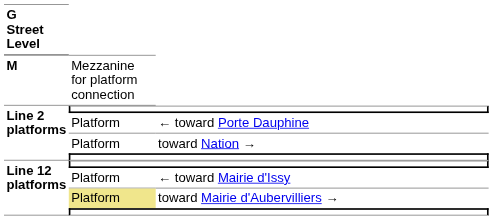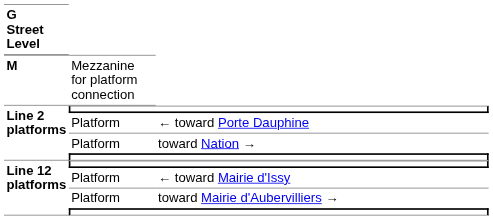 <table border=0 cellspacing=0 cellpadding=3>
 <tr>
 <td style="border-bottom:solid 1px gray;border-top:solid 1px gray;" width=50 valign=top><strong>G<br>Street Level</strong></td>
 </tr>
 <tr>
 <td style="border-bottom:solid 1px gray;border-top:solid 1px gray;" valign=top><strong>M</strong></td>
 <td style="border-top:solid 1px gray;border-bottom:solid 1px gray;" width=100 valign=top>Mezzanine for platform connection</td>
 </tr>
 <tr>
 <td style="border-bottom:solid 1px gray;" rowspan=4 valign=top><strong>Line 2 platforms</strong></td>
 <td style="border-top:solid 1px gray;border-right:solid 2px black;border-left:solid 2px black;border-bottom:solid 2px black;text-align:center;" colspan=2></td>
 </tr>
 <tr>
 <td style="border-bottom:solid 1px gray;" width=100>Platform </td>
 <td style="border-bottom:solid 1px gray;" width=400>←   toward <a href='#'>Porte Dauphine</a> </td>
 </tr>
 <tr>
 <td>Platform </td>
 <td>   toward <a href='#'>Nation</a>  →</td>
 </tr>
 <tr>
 <td style="border-top:solid 2px black;border-right:solid 2px black;border-left:solid 2px black;border-bottom:solid 1px gray;text-align:center;" colspan=2></td>
 </tr>
 <tr>
 <td style="border-bottom:solid 1px gray;" width=50 rowspan=4 valign=top><strong>Line 12 platforms</strong></td>
 <td style="border-top:solid 1px gray;border-right:solid 2px black;border-left:solid 2px black;border-bottom:solid 2px black;text-align:center;" colspan=2></td>
 </tr>
 <tr>
 <td style="border-bottom:solid 1px gray;" width=100>Platform </td>
 <td style="border-bottom:solid 1px gray;" width=400>←   toward <a href='#'>Mairie d'Issy</a> </td>
 </tr>
 <tr>
-<td style="background: khaki;">Platform </td>
+<td>Platform </td>
 <td>   toward <a href='#'>Mairie d'Aubervilliers</a>  →</td>
 </tr>
 <tr>
 <td style="border-top:solid 2px black;border-right:solid 2px black;border-left:solid 2px black;border-bottom:solid 1px gray;text-align:center;" colspan=2></td>
 </tr>
 </table>
